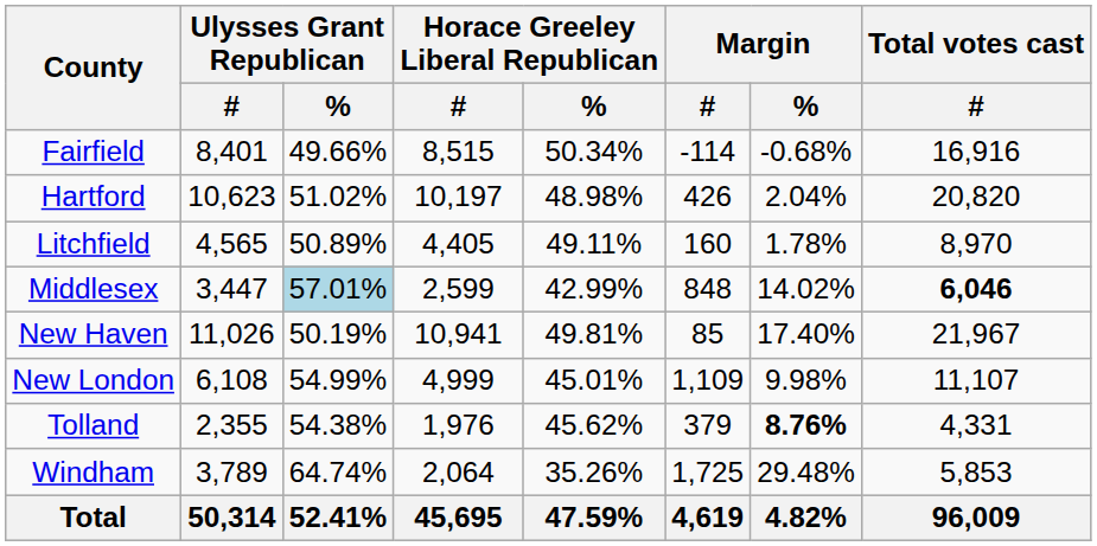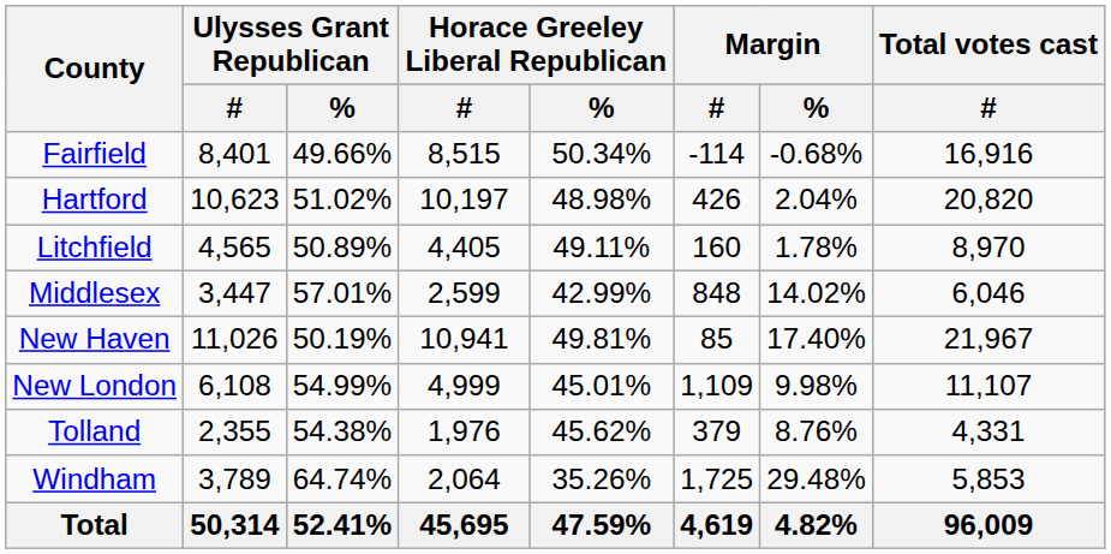 <table class="wikitable sortable">
 <tr>
 <th rowspan="2" style="text-align:center;">County</th>
 <th style="text-align:center;" colspan="2"><strong>Ulysses Grant</strong><br>Republican</th>
 <th style="text-align:center;" colspan="2">Horace Greeley<br>Liberal Republican</th>
 <th style="text-align:center;" colspan="2">Margin</th>
 <th style="text-align:center;">Total votes cast</th>
 </tr>
 <tr style="text-align:center;">
 <th>#</th>
 <th>%</th>
 <th>#</th>
 <th>%</th>
 <th>#</th>
 <th>%</th>
 <th>#</th>
 </tr>
 <tr style="text-align:center;">
 <td><a href='#'>Fairfield</a></td>
 <td>8,401</td>
 <td>49.66%</td>
 <td>8,515</td>
 <td>50.34%</td>
 <td>-114</td>
 <td>-0.68%</td>
 <td>16,916</td>
 </tr>
 <tr style="text-align:center;">
 <td><a href='#'>Hartford</a></td>
 <td>10,623</td>
 <td>51.02%</td>
 <td>10,197</td>
 <td>48.98%</td>
 <td>426</td>
 <td>2.04%</td>
 <td>20,820</td>
 </tr>
 <tr style="text-align:center;">
 <td><a href='#'>Litchfield</a></td>
 <td>4,565</td>
 <td>50.89%</td>
 <td>4,405</td>
 <td>49.11%</td>
 <td>160</td>
 <td>1.78%</td>
 <td>8,970</td>
 </tr>
 <tr style="text-align:center;">
 <td><a href='#'>Middlesex</a></td>
 <td>3,447</td>
-<td style="background: lightblue;">57.01%</td>
+<td>57.01%</td>
 <td>2,599</td>
 <td>42.99%</td>
 <td>848</td>
 <td>14.02%</td>
-<td><strong>6,046</strong></td>
+<td>6,046</td>
 </tr>
 <tr style="text-align:center;">
 <td><a href='#'>New Haven</a></td>
 <td>11,026</td>
 <td>50.19%</td>
 <td>10,941</td>
 <td>49.81%</td>
 <td>85</td>
 <td>17.40%</td>
 <td>21,967</td>
 </tr>
 <tr style="text-align:center;">
 <td><a href='#'>New London</a></td>
 <td>6,108</td>
 <td>54.99%</td>
 <td>4,999</td>
 <td>45.01%</td>
 <td>1,109</td>
 <td>9.98%</td>
 <td>11,107</td>
 </tr>
 <tr style="text-align:center;">
 <td><a href='#'>Tolland</a></td>
 <td>2,355</td>
 <td>54.38%</td>
 <td>1,976</td>
 <td>45.62%</td>
 <td>379</td>
-<td><strong>8.76%</strong></td>
+<td>8.76%</td>
 <td>4,331</td>
 </tr>
 <tr style="text-align:center;">
 <td><a href='#'>Windham</a></td>
 <td>3,789</td>
 <td>64.74%</td>
 <td>2,064</td>
 <td>35.26%</td>
 <td>1,725</td>
 <td>29.48%</td>
 <td>5,853</td>
 </tr>
 <tr style="text-align:center;">
 <th>Total</th>
 <th>50,314</th>
 <th>52.41%</th>
 <th>45,695</th>
 <th>47.59%</th>
 <th>4,619</th>
 <th>4.82%</th>
 <th>96,009</th>
 </tr>
 </table>
